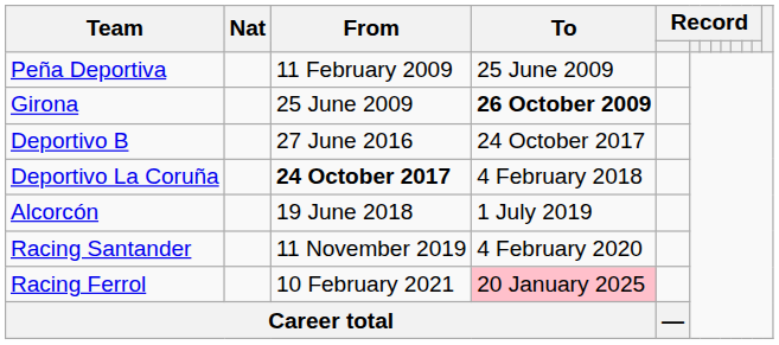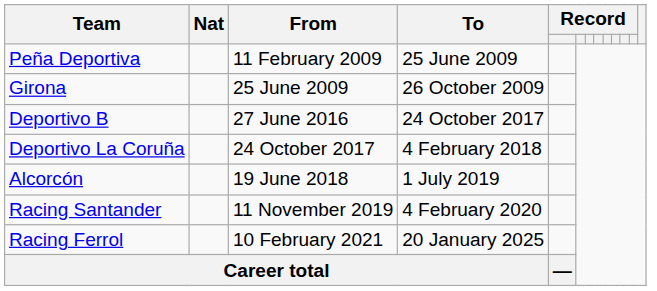 <table class="wikitable" style="text-align: center">
 <tr>
 <th rowspan="2">Team</th>
 <th rowspan="2">Nat</th>
 <th rowspan="2">From</th>
 <th rowspan="2">To</th>
 <th colspan="8">Record</th>
 <th rowspan=2></th>
 </tr>
 <tr>
 <th></th>
 <th></th>
 <th></th>
 <th></th>
 <th></th>
 <th></th>
 <th></th>
 <th></th>
 </tr>
 <tr>
 <td align="left"><a href='#'>Peña Deportiva</a></td>
 <td></td>
 <td align=left>11 February 2009</td>
 <td align=left>25 June 2009<br></td>
 <td></td>
 </tr>
 <tr>
 <td align="left"><a href='#'>Girona</a></td>
 <td></td>
 <td align=left>25 June 2009</td>
-<td align=left><strong>26 October 2009<br></strong></td>
+<td align=left>26 October 2009<br></td>
 <td></td>
 </tr>
 <tr>
 <td align="left"><a href='#'>Deportivo B</a></td>
 <td></td>
 <td align=left>27 June 2016</td>
 <td align=left>24 October 2017<br></td>
 <td></td>
 </tr>
 <tr>
 <td align="left"><a href='#'>Deportivo La Coruña</a></td>
 <td></td>
-<td align=left><strong>24 October 2017</strong></td>
+<td align=left>24 October 2017</td>
 <td align=left>4 February 2018<br></td>
 <td></td>
 </tr>
 <tr>
 <td align="left"><a href='#'>Alcorcón</a></td>
 <td></td>
 <td align=left>19 June 2018</td>
 <td align=left>1 July 2019<br></td>
 <td></td>
 </tr>
 <tr>
 <td align="left"><a href='#'>Racing Santander</a></td>
 <td></td>
 <td align=left>11 November 2019</td>
 <td align=left>4 February 2020<br></td>
 <td></td>
 </tr>
 <tr>
 <td align="left"><a href='#'>Racing Ferrol</a></td>
 <td></td>
 <td align=left>10 February 2021</td>
-<td align=left style="background: pink;">20 January 2025<br></td>
+<td align=left>20 January 2025<br></td>
 <td></td>
 </tr>
 <tr>
 <th colspan=4>Career total<br></th>
 <th>—</th>
 </tr>
 </table>
